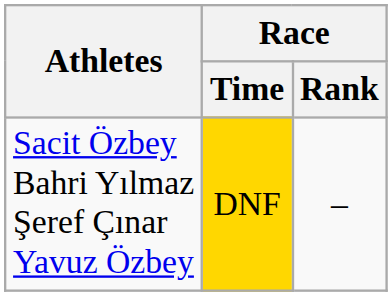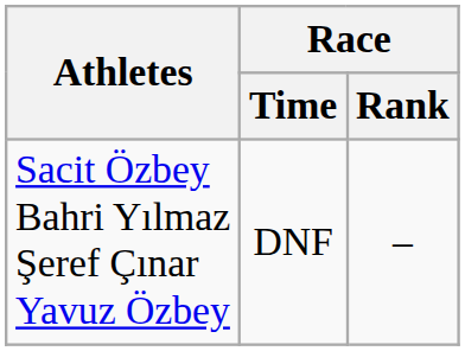 <table class="wikitable" border="1" style="font-size:90%">
 <tr>
 <th rowspan=2>Athletes</th>
 <th colspan=2>Race</th>
 </tr>
 <tr>
 <th>Time</th>
 <th>Rank</th>
 </tr>
 <tr>
 <td><a href='#'>Sacit Özbey</a><br>Bahri Yılmaz<br>Şeref Çınar<br><a href='#'>Yavuz Özbey</a></td>
-<td align=center style="background: gold;">DNF</td>
+<td align=center>DNF</td>
 <td align=center>–</td>
 </tr>
 </table>
